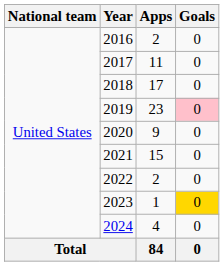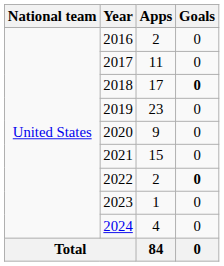 <table class="wikitable" style="text-align:center">
 <tr>
 <th>National team</th>
 <th>Year</th>
 <th>Apps</th>
 <th>Goals</th>
 </tr>
 <tr>
 <td rowspan="9"><a href='#'>United States</a></td>
 <td>2016</td>
 <td>2</td>
 <td>0</td>
 </tr>
 <tr>
 <td>2017</td>
 <td>11</td>
 <td>0</td>
 </tr>
 <tr>
 <td>2018</td>
 <td>17</td>
-<td>0</td>
+<td><strong>0</strong></td>
 </tr>
 <tr>
 <td>2019</td>
 <td>23</td>
-<td style="background: pink;">0</td>
+<td>0</td>
 </tr>
 <tr>
 <td>2020</td>
 <td>9</td>
 <td>0</td>
 </tr>
 <tr>
 <td>2021</td>
 <td>15</td>
 <td>0</td>
 </tr>
 <tr>
 <td>2022</td>
 <td>2</td>
-<td>0</td>
+<td><strong>0</strong></td>
 </tr>
 <tr>
 <td>2023</td>
 <td>1</td>
-<td style="background: gold;">0</td>
+<td>0</td>
 </tr>
 <tr>
 <td><a href='#'>2024</a></td>
 <td>4</td>
 <td>0</td>
 </tr>
 <tr>
 <th colspan="2">Total</th>
 <th>84</th>
 <th>0</th>
 </tr>
 </table>
